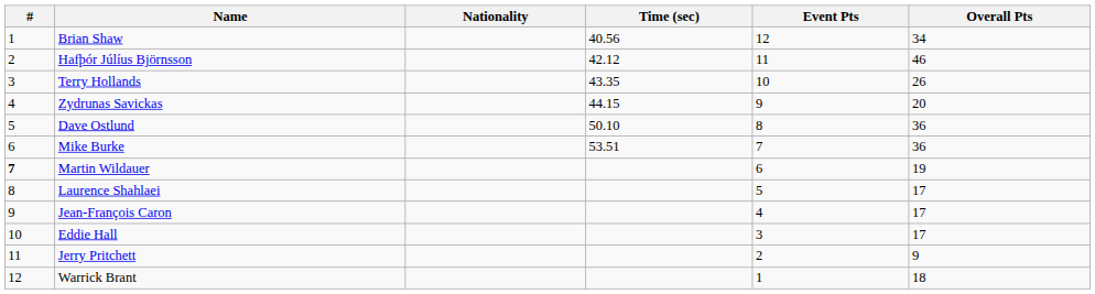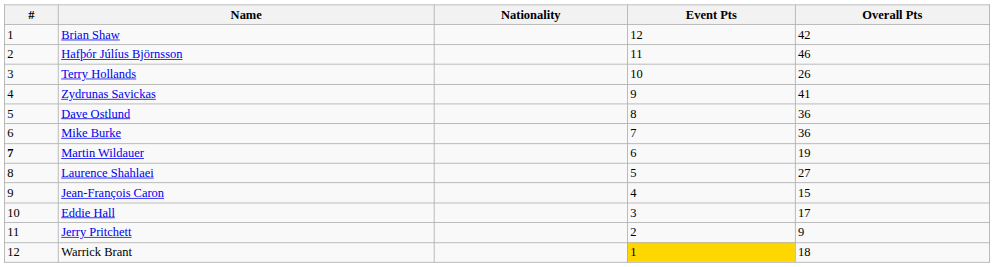 <table class="wikitable sortable" style="display: inline-table; width: 100%;">
 <tr>
 <th>#</th>
 <th>Name</th>
 <th>Nationality</th>
-<th>Time (sec)</th>
 <th>Event Pts</th>
 <th>Overall Pts</th>
 </tr>
 <tr>
 <td>1</td>
 <td><a href='#'>Brian Shaw</a></td>
 <td></td>
-<td>40.56</td>
 <td>12</td>
-<td>34</td>
+<td>42</td>
 </tr>
 <tr>
 <td>2</td>
 <td><a href='#'>Hafþór Júlíus Björnsson</a></td>
 <td></td>
-<td>42.12</td>
 <td>11</td>
 <td>46</td>
 </tr>
 <tr>
 <td>3</td>
 <td><a href='#'>Terry Hollands</a></td>
 <td></td>
-<td>43.35</td>
 <td>10</td>
 <td>26</td>
 </tr>
 <tr>
 <td>4</td>
 <td><a href='#'>Zydrunas Savickas</a></td>
 <td></td>
-<td>44.15</td>
 <td>9</td>
-<td>20</td>
+<td>41</td>
 </tr>
 <tr>
 <td>5</td>
 <td><a href='#'>Dave Ostlund</a></td>
 <td></td>
-<td>50.10</td>
 <td>8</td>
 <td>36</td>
 </tr>
 <tr>
 <td>6</td>
 <td><a href='#'>Mike Burke</a></td>
 <td></td>
-<td>53.51</td>
 <td>7</td>
 <td>36</td>
 </tr>
 <tr>
 <td><strong>7</strong></td>
 <td><a href='#'>Martin Wildauer</a></td>
-<td></td>
 <td></td>
 <td>6</td>
 <td>19</td>
 </tr>
 <tr>
 <td>8</td>
 <td><a href='#'>Laurence Shahlaei</a></td>
 <td></td>
-<td></td>
 <td>5</td>
-<td>17</td>
+<td>27</td>
 </tr>
 <tr>
 <td>9</td>
 <td><a href='#'>Jean-François Caron</a></td>
 <td></td>
-<td></td>
 <td>4</td>
-<td>17</td>
+<td>15</td>
 </tr>
 <tr>
 <td>10</td>
 <td><a href='#'>Eddie Hall</a></td>
-<td></td>
 <td></td>
 <td>3</td>
 <td>17</td>
 </tr>
 <tr>
 <td>11</td>
 <td><a href='#'>Jerry Pritchett</a></td>
 <td></td>
-<td></td>
 <td>2</td>
 <td>9</td>
 </tr>
 <tr>
 <td>12</td>
 <td>Warrick Brant</td>
 <td></td>
-<td></td>
-<td>1</td>
+<td style="background: gold;">1</td>
 <td>18</td>
 </tr>
 </table>
